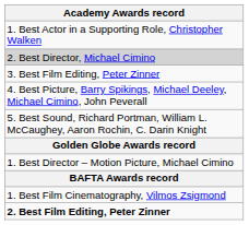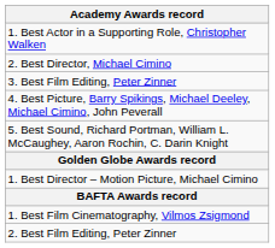 <table class="wikitable floatright" style="width: 23em; font-size: 85%;">
 <tr style="background:#ccc; text-align:center;">
 <th colspan="2">Academy Awards record</th>
 </tr>
 <tr>
 <td>1. Best Actor in a Supporting Role, <a href='#'>Christopher Walken</a></td>
 </tr>
 <tr>
-<td style="background: lightgrey;">2. Best Director, <a href='#'>Michael Cimino</a></td>
+<td>2. Best Director, <a href='#'>Michael Cimino</a></td>
 </tr>
 <tr>
 <td>3. Best Film Editing, <a href='#'>Peter Zinner</a></td>
 </tr>
 <tr>
 <td>4. Best Picture, <a href='#'>Barry Spikings</a>, <a href='#'>Michael Deeley</a>, <a href='#'>Michael Cimino</a>, John Peverall</td>
 </tr>
 <tr>
 <td>5. Best Sound, Richard Portman, William L. McCaughey, Aaron Rochin, C. Darin Knight</td>
 </tr>
 <tr style="background:#ccc; text-align:center;">
 <th colspan="2">Golden Globe Awards record</th>
 </tr>
 <tr>
 <td>1. Best Director – Motion Picture, Michael Cimino</td>
 </tr>
 <tr style="background:#ccc; text-align:center;">
 <th colspan="2">BAFTA Awards record</th>
 </tr>
 <tr>
 <td>1. Best Film Cinematography, <a href='#'>Vilmos Zsigmond</a></td>
 </tr>
 <tr>
-<td><strong>2. Best Film Editing, Peter Zinner</strong></td>
+<td>2. Best Film Editing, Peter Zinner</td>
 </tr>
 </table>
